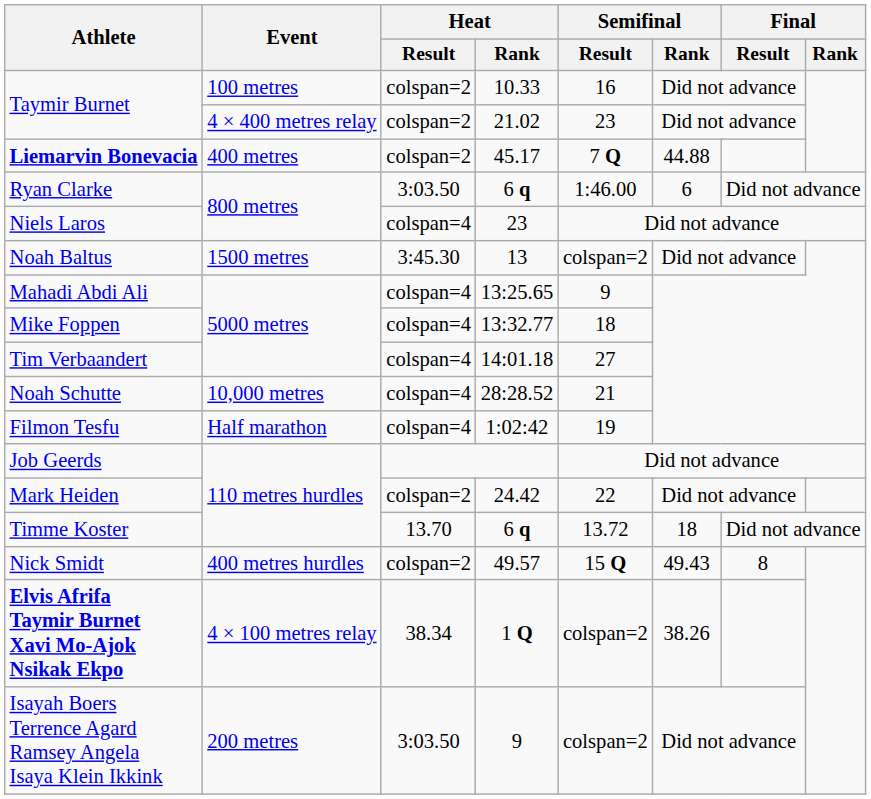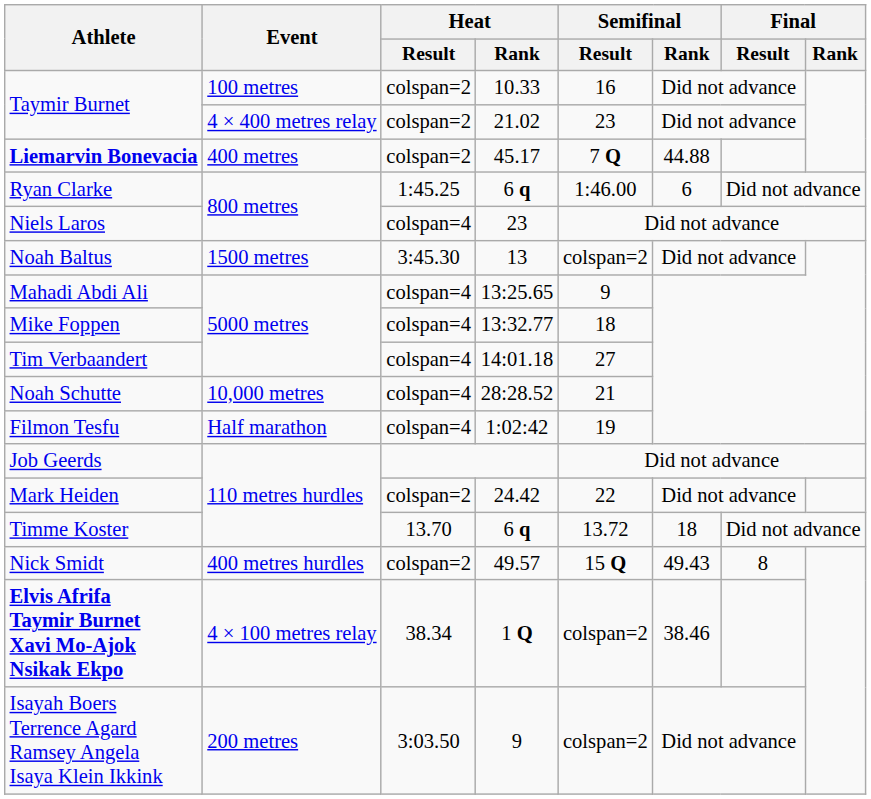 <table class=wikitable style=font-size:90%>
 <tr>
 <th rowspan=2>Athlete</th>
 <th rowspan=2>Event</th>
 <th colspan=2>Heat</th>
 <th colspan=2>Semifinal</th>
 <th colspan=2>Final</th>
 </tr>
 <tr style=font-size:95%>
 <th>Result</th>
 <th>Rank</th>
 <th>Result</th>
 <th>Rank</th>
 <th>Result</th>
 <th>Rank</th>
 </tr>
 <tr align=center>
 <td align=left rowspan=2><a href='#'>Taymir Burnet</a></td>
 <td align=left><a href='#'>100 metres</a></td>
 <td>colspan=2</td>
 <td>10.33</td>
 <td>16</td>
 <td colspan=2>Did not advance</td>
 </tr>
 <tr align=center>
 <td align=left><a href='#'>4 × 400 metres relay</a></td>
 <td>colspan=2</td>
 <td>21.02</td>
 <td>23</td>
 <td colspan=2>Did not advance</td>
 </tr>
 <tr align=center>
 <td align=left><strong><a href='#'>Liemarvin Bonevacia</a></strong></td>
 <td align=left><a href='#'>400 metres</a></td>
 <td>colspan=2</td>
 <td>45.17 </td>
 <td>7 <strong>Q</strong></td>
 <td>44.88  </td>
 <td></td>
 </tr>
 <tr align=center>
 <td align=left><a href='#'>Ryan Clarke</a></td>
 <td align=left rowspan=2><a href='#'>800 metres</a></td>
-<td>3:03.50</td>
+<td>1:45.25</td>
 <td>6 <strong>q</strong></td>
 <td>1:46.00</td>
 <td>6</td>
 <td colspan=2>Did not advance</td>
 </tr>
 <tr align=center>
 <td align=left><a href='#'>Niels Laros</a></td>
 <td>colspan=4</td>
 <td>23</td>
 <td colspan=4>Did not advance</td>
 </tr>
 <tr align=center>
 <td align=left><a href='#'>Noah Baltus</a></td>
 <td align=left><a href='#'>1500 metres</a></td>
 <td>3:45.30</td>
 <td>13</td>
 <td>colspan=2</td>
 <td colspan=2>Did not advance</td>
 </tr>
 <tr align=center>
 <td align=left><a href='#'>Mahadi Abdi Ali</a></td>
 <td align=left rowspan=3><a href='#'>5000 metres</a></td>
 <td>colspan=4</td>
 <td>13:25.65</td>
 <td>9</td>
 </tr>
 <tr align=center>
 <td align=left><a href='#'>Mike Foppen</a></td>
 <td>colspan=4</td>
 <td>13:32.77</td>
 <td>18</td>
 </tr>
 <tr align=center>
 <td align=left><a href='#'>Tim Verbaandert</a></td>
 <td>colspan=4</td>
 <td>14:01.18 </td>
 <td>27</td>
 </tr>
 <tr align=center>
 <td align=left><a href='#'>Noah Schutte</a></td>
 <td align=left><a href='#'>10,000 metres</a></td>
 <td>colspan=4</td>
 <td>28:28.52</td>
 <td>21</td>
 </tr>
 <tr align=center>
 <td align=left><a href='#'>Filmon Tesfu</a></td>
 <td align=left><a href='#'>Half marathon</a></td>
 <td>colspan=4</td>
 <td>1:02:42 </td>
 <td>19</td>
 </tr>
 <tr align=center>
 <td align=left><a href='#'>Job Geerds</a></td>
 <td align=left rowspan=3><a href='#'>110 metres hurdles</a></td>
 <td colspan=2></td>
 <td colspan=4>Did not advance</td>
 </tr>
 <tr align=center>
 <td align=left><a href='#'>Mark Heiden</a></td>
 <td>colspan=2</td>
 <td>24.42</td>
 <td>22</td>
 <td colspan=2>Did not advance</td>
 </tr>
 <tr align=center>
 <td align=left><a href='#'>Timme Koster</a></td>
 <td>13.70 </td>
 <td>6 <strong>q</strong></td>
 <td>13.72</td>
 <td>18</td>
 <td colspan=2>Did not advance</td>
 </tr>
 <tr align=center>
 <td align=left><a href='#'>Nick Smidt</a></td>
 <td align=left><a href='#'>400 metres hurdles</a></td>
 <td>colspan=2</td>
 <td>49.57</td>
 <td>15 <strong>Q</strong></td>
 <td>49.43</td>
 <td>8</td>
 </tr>
 <tr align=center>
 <td align=left><strong><a href='#'>Elvis Afrifa</a><br><a href='#'>Taymir Burnet</a><br><a href='#'>Xavi Mo-Ajok</a><br><a href='#'>Nsikak Ekpo</a></strong></td>
 <td align=left><a href='#'>4 × 100 metres relay</a></td>
 <td>38.34</td>
 <td>1 <strong>Q</strong></td>
 <td>colspan=2</td>
-<td>38.26</td>
+<td>38.46</td>
 <td></td>
 </tr>
 <tr align=center>
 <td align=left><a href='#'>Isayah Boers</a><br><a href='#'>Terrence Agard</a><br><a href='#'>Ramsey Angela</a><br><a href='#'>Isaya Klein Ikkink</a></td>
 <td align=left><a href='#'>200 metres</a></td>
 <td>3:03.50</td>
 <td>9</td>
 <td>colspan=2</td>
 <td colspan=2>Did not advance</td>
 </tr>
 </table>
